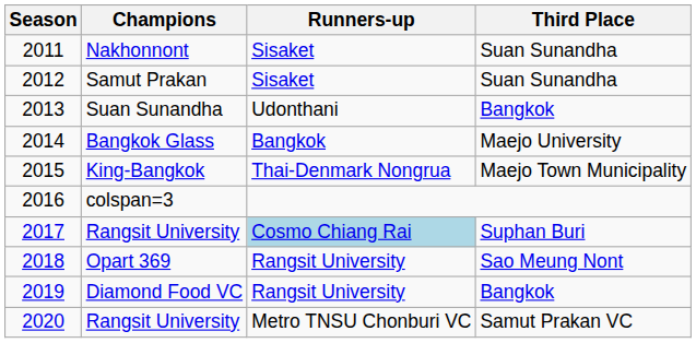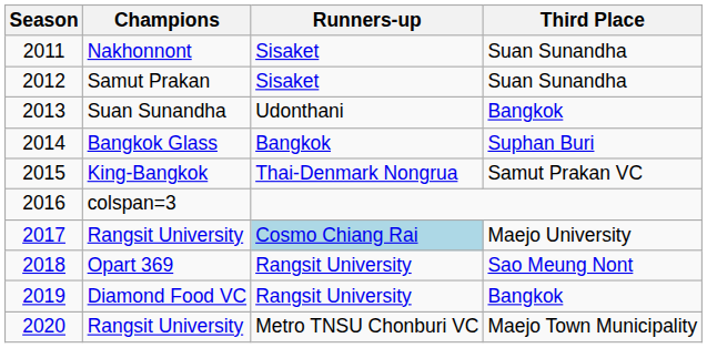 <table class="wikitable">
 <tr>
 <th>Season</th>
 <th>Champions</th>
 <th>Runners-up</th>
 <th>Third Place</th>
 </tr>
 <tr>
 <td align=center>2011</td>
 <td><a href='#'>Nakhonnont</a></td>
 <td><a href='#'>Sisaket</a></td>
 <td>Suan Sunandha</td>
 </tr>
 <tr>
 <td align=center>2012</td>
 <td>Samut Prakan</td>
 <td><a href='#'>Sisaket</a></td>
 <td>Suan Sunandha</td>
 </tr>
 <tr>
 <td align=center>2013</td>
 <td>Suan Sunandha</td>
 <td>Udonthani</td>
 <td><a href='#'>Bangkok</a></td>
 </tr>
 <tr>
 <td align=center>2014</td>
 <td><a href='#'>Bangkok Glass</a></td>
 <td><a href='#'>Bangkok</a></td>
-<td>Maejo University</td>
+<td><a href='#'>Suphan Buri</a></td>
 </tr>
 <tr>
 <td align=center>2015</td>
 <td><a href='#'>King-Bangkok</a></td>
 <td><a href='#'>Thai-Denmark Nongrua</a></td>
-<td>Maejo Town Municipality</td>
+<td>Samut Prakan VC</td>
 </tr>
 <tr>
 <td align=center>2016</td>
 <td>colspan=3 </td>
 </tr>
 <tr>
 <td align=center><a href='#'>2017</a></td>
 <td><a href='#'>Rangsit University</a></td>
 <td style="background: lightblue;"><a href='#'>Cosmo Chiang Rai</a></td>
-<td><a href='#'>Suphan Buri</a></td>
+<td>Maejo University</td>
 </tr>
 <tr>
 <td align=center><a href='#'>2018</a></td>
 <td><a href='#'>Opart 369</a></td>
 <td><a href='#'>Rangsit University</a></td>
 <td><a href='#'>Sao Meung Nont</a></td>
 </tr>
 <tr>
 <td align=center><a href='#'>2019</a></td>
 <td><a href='#'>Diamond Food VC</a></td>
 <td><a href='#'>Rangsit University</a></td>
 <td><a href='#'>Bangkok</a></td>
 </tr>
 <tr>
 <td align=center><a href='#'>2020</a></td>
 <td><a href='#'>Rangsit University</a></td>
 <td>Metro TNSU Chonburi VC</td>
-<td>Samut Prakan VC</td>
+<td>Maejo Town Municipality</td>
 </tr>
 </table>
